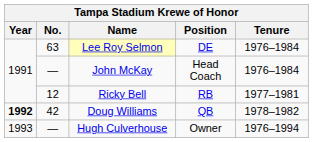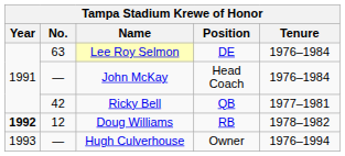 <table class="wikitable sortable" style="text-align:center">
 <tr>
 <th colspan="5">Tampa Stadium Krewe of Honor</th>
 </tr>
 <tr>
 <th style="width:40px; ">Year</th>
 <th style="width:40px; ">No.</th>
 <th style="width:150px; ">Name</th>
 <th style="width:80px; ">Position</th>
 <th style="width:100px; ">Tenure</th>
 </tr>
 <tr>
 <td rowspan=3>1991</td>
 <td>63</td>
 <td style="background:#ffb"><a href='#'>Lee Roy Selmon</a></td>
 <td><a href='#'>DE</a></td>
 <td>1976–1984</td>
 </tr>
 <tr>
 <td>—</td>
 <td><a href='#'>John McKay</a></td>
 <td>Head Coach</td>
 <td>1976–1984</td>
 </tr>
 <tr>
-<td>12</td>
+<td>42</td>
 <td><a href='#'>Ricky Bell</a></td>
-<td><a href='#'>RB</a></td>
+<td><a href='#'>QB</a></td>
 <td>1977–1981</td>
 </tr>
 <tr>
 <td><strong>1992</strong></td>
-<td>42</td>
+<td>12</td>
 <td><a href='#'>Doug Williams</a></td>
-<td><a href='#'>QB</a></td>
+<td><a href='#'>RB</a></td>
 <td>1978–1982</td>
 </tr>
 <tr>
 <td>1993</td>
 <td>—</td>
 <td><a href='#'>Hugh Culverhouse</a></td>
 <td>Owner</td>
 <td>1976–1994</td>
 </tr>
 </table>
